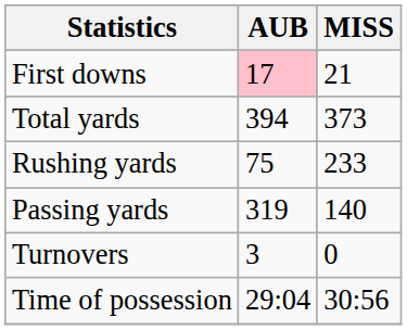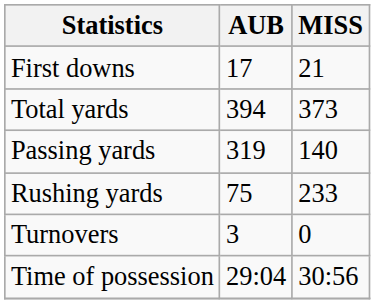 <table class="wikitable">
 <tr>
 <th>Statistics</th>
 <th>AUB</th>
 <th>MISS</th>
 </tr>
 <tr>
 <td>First downs</td>
-<td style="background: pink;">17</td>
+<td>17</td>
 <td>21</td>
 </tr>
 <tr>
 <td>Total yards</td>
 <td>394</td>
 <td>373</td>
 </tr>
 <tr>
+<td>Passing yards</td>
+<td>319</td>
+<td>140</td>
+</tr>
+<tr>
 <td>Rushing yards</td>
 <td>75</td>
 <td>233</td>
-</tr>
-<tr>
-<td>Passing yards</td>
-<td>319</td>
-<td>140</td>
 </tr>
 <tr>
 <td>Turnovers</td>
 <td>3</td>
 <td>0</td>
 </tr>
 <tr>
 <td>Time of possession</td>
 <td>29:04</td>
 <td>30:56</td>
 </tr>
 <tr>
 </tr>
 </table>
